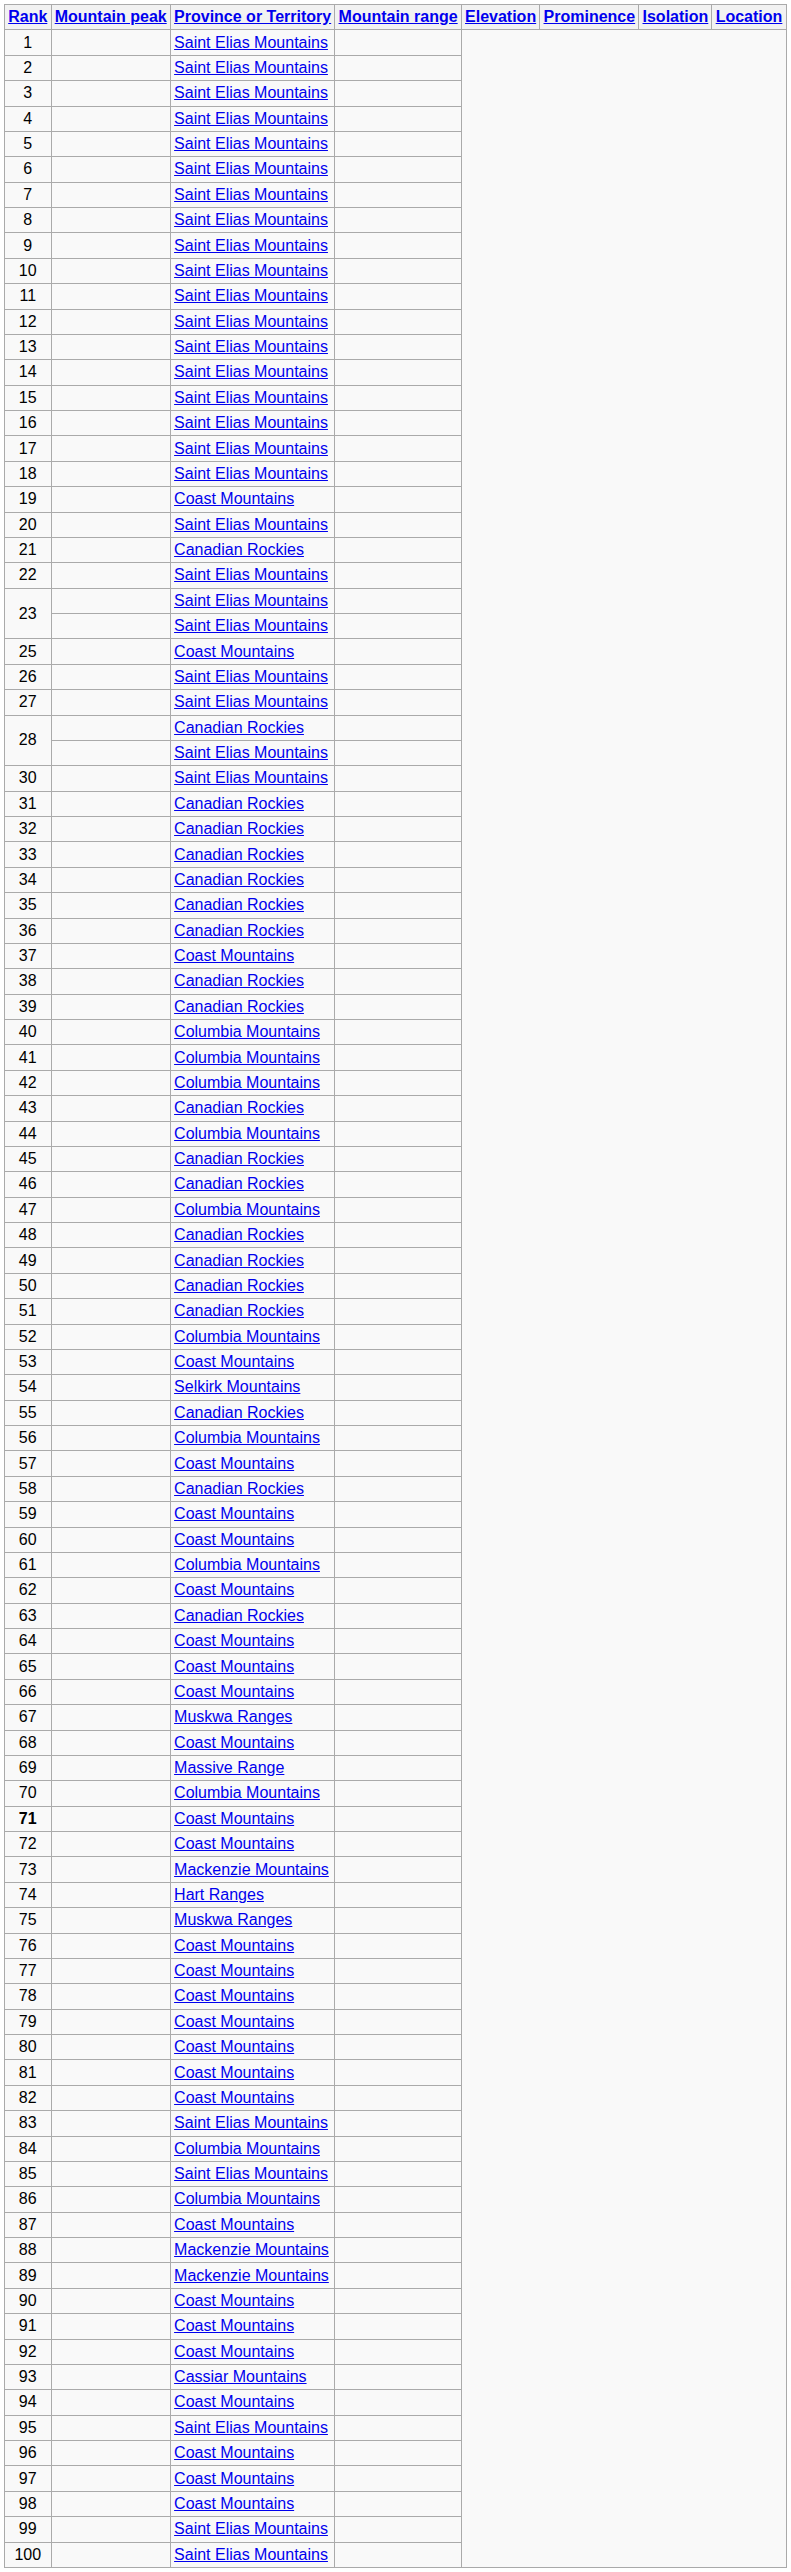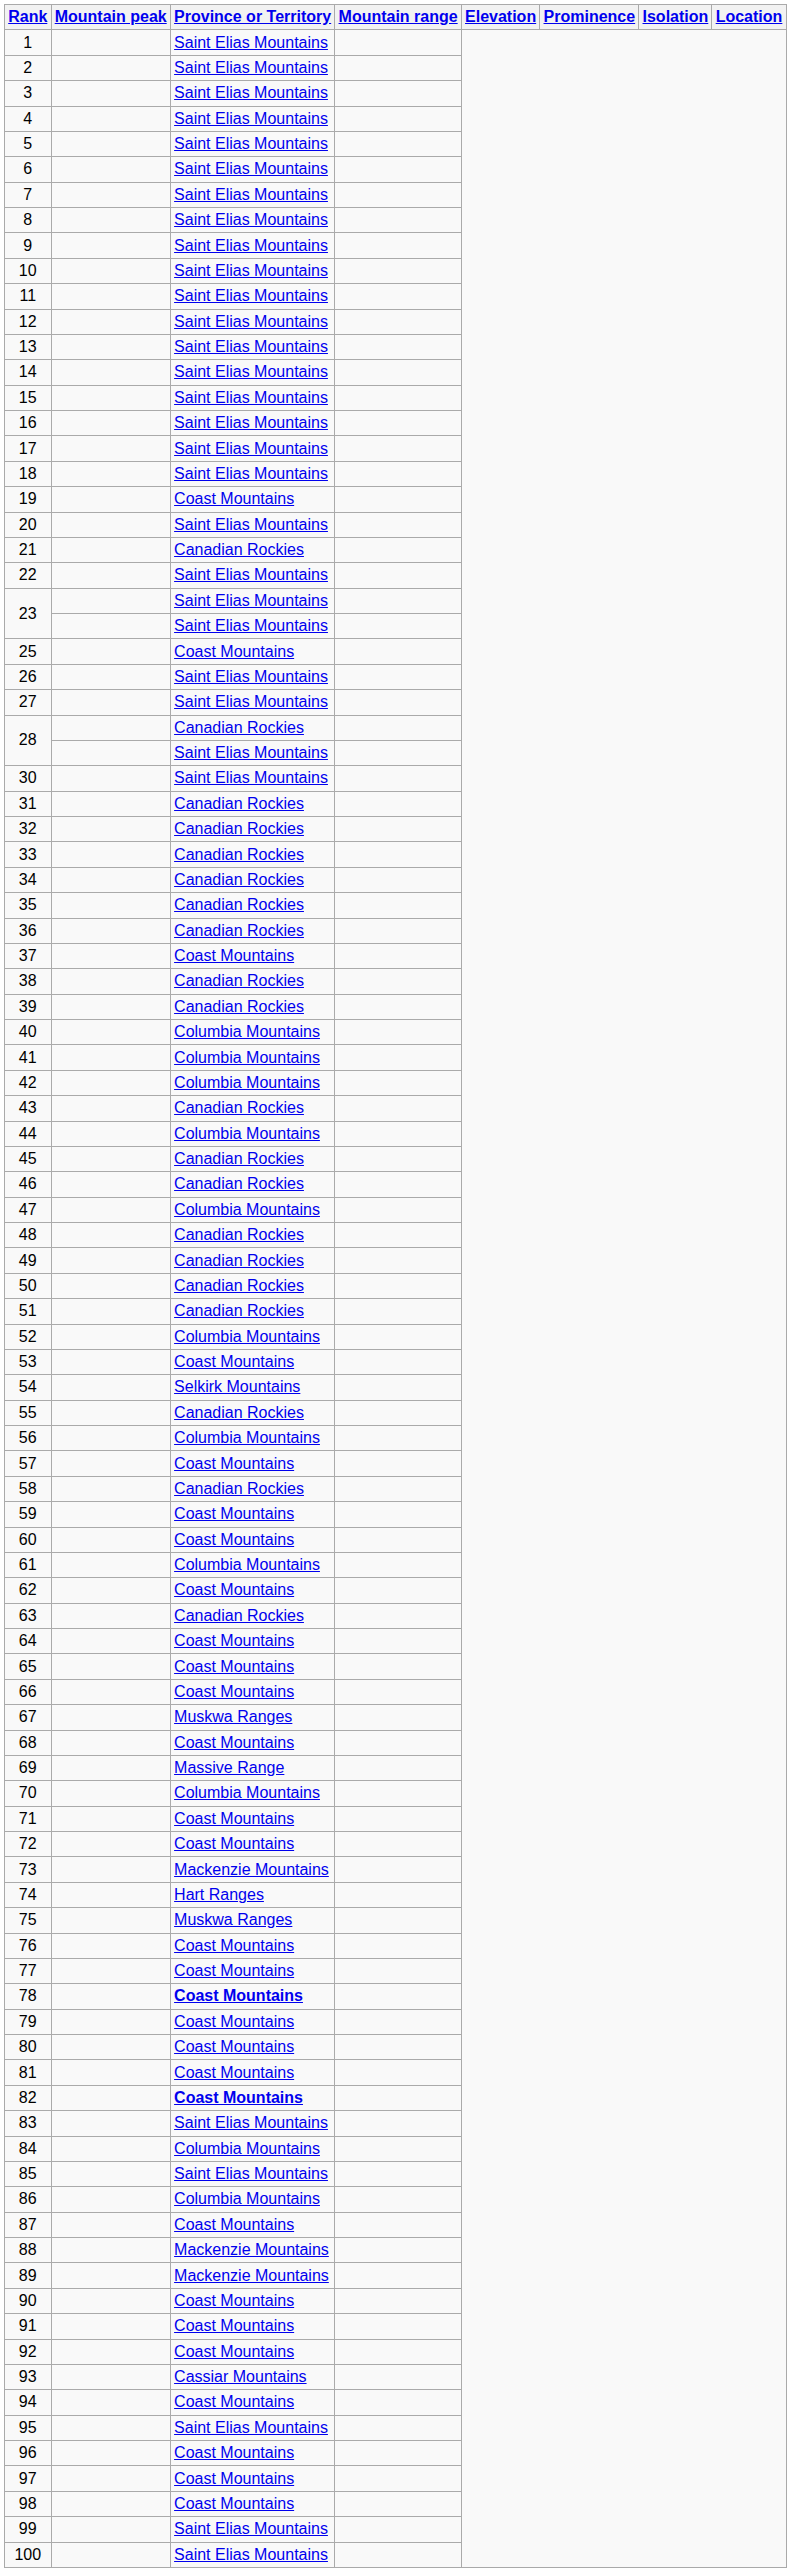 <table class="wikitable sortable">
 <tr>
 <th><a href='#'>Rank</a></th>
 <th><a href='#'>Mountain peak</a></th>
 <th><a href='#'>Province or Territory</a></th>
 <th><a href='#'>Mountain range</a></th>
 <th><a href='#'>Elevation</a></th>
 <th><a href='#'>Prominence</a></th>
 <th><a href='#'>Isolation</a></th>
 <th><a href='#'>Location</a></th>
 </tr>
 <tr>
 <td align=center>1<br></td>
 <td></td>
 <td><a href='#'>Saint Elias Mountains</a><br></td>
 <td></td>
 </tr>
 <tr>
 <td align=center>2<br></td>
 <td><br></td>
 <td><a href='#'>Saint Elias Mountains</a><br></td>
 <td></td>
 </tr>
 <tr>
 <td align=center>3<br></td>
 <td></td>
 <td><a href='#'>Saint Elias Mountains</a><br></td>
 <td></td>
 </tr>
 <tr>
 <td align=center>4<br></td>
 <td></td>
 <td><a href='#'>Saint Elias Mountains</a><br></td>
 <td></td>
 </tr>
 <tr>
 <td align=center>5<br></td>
 <td></td>
 <td><a href='#'>Saint Elias Mountains</a><br></td>
 <td></td>
 </tr>
 <tr>
 <td align=center>6<br></td>
 <td></td>
 <td><a href='#'>Saint Elias Mountains</a><br></td>
 <td></td>
 </tr>
 <tr>
 <td align=center>7<br></td>
 <td></td>
 <td><a href='#'>Saint Elias Mountains</a><br></td>
 <td></td>
 </tr>
 <tr>
 <td align=center>8<br></td>
 <td></td>
 <td><a href='#'>Saint Elias Mountains</a><br></td>
 <td></td>
 </tr>
 <tr>
 <td align=center>9<br></td>
 <td><br></td>
 <td><a href='#'>Saint Elias Mountains</a><br></td>
 <td></td>
 </tr>
 <tr>
 <td align=center>10<br></td>
 <td><br></td>
 <td><a href='#'>Saint Elias Mountains</a><br></td>
 <td></td>
 </tr>
 <tr>
 <td align=center>11<br></td>
 <td></td>
 <td><a href='#'>Saint Elias Mountains</a><br></td>
 <td></td>
 </tr>
 <tr>
 <td align=center>12<br></td>
 <td><br></td>
 <td><a href='#'>Saint Elias Mountains</a><br></td>
 <td></td>
 </tr>
 <tr>
 <td align=center>13<br></td>
 <td></td>
 <td><a href='#'>Saint Elias Mountains</a><br></td>
 <td></td>
 </tr>
 <tr>
 <td align=center>14<br></td>
 <td><br></td>
 <td><a href='#'>Saint Elias Mountains</a><br></td>
 <td></td>
 </tr>
 <tr>
 <td align=center>15<br></td>
 <td></td>
 <td><a href='#'>Saint Elias Mountains</a><br></td>
 <td></td>
 </tr>
 <tr>
 <td align=center>16<br></td>
 <td></td>
 <td><a href='#'>Saint Elias Mountains</a><br></td>
 <td></td>
 </tr>
 <tr>
 <td align=center>17<br></td>
 <td><br></td>
 <td><a href='#'>Saint Elias Mountains</a><br></td>
 <td></td>
 </tr>
 <tr>
 <td align=center>18<br></td>
 <td></td>
 <td><a href='#'>Saint Elias Mountains</a><br></td>
 <td></td>
 </tr>
 <tr>
 <td align=center>19<br></td>
 <td></td>
 <td><a href='#'>Coast Mountains</a><br></td>
 <td></td>
 </tr>
 <tr>
 <td align=center>20<br></td>
 <td></td>
 <td><a href='#'>Saint Elias Mountains</a><br></td>
 <td></td>
 </tr>
 <tr>
 <td align=center>21<br></td>
 <td></td>
 <td><a href='#'>Canadian Rockies</a><br></td>
 <td></td>
 </tr>
 <tr>
 <td align=center>22<br></td>
 <td></td>
 <td><a href='#'>Saint Elias Mountains</a><br></td>
 <td></td>
 </tr>
 <tr>
 <td align=center rowspan=2>23<br></td>
 <td></td>
 <td><a href='#'>Saint Elias Mountains</a><br></td>
 <td></td>
 </tr>
 <tr>
 <td><br></td>
 <td><a href='#'>Saint Elias Mountains</a><br></td>
 <td></td>
 </tr>
 <tr>
 <td align=center>25<br></td>
 <td></td>
 <td><a href='#'>Coast Mountains</a><br></td>
 <td></td>
 </tr>
 <tr>
 <td align=center>26<br></td>
 <td></td>
 <td><a href='#'>Saint Elias Mountains</a><br></td>
 <td></td>
 </tr>
 <tr>
 <td align=center>27<br></td>
 <td></td>
 <td><a href='#'>Saint Elias Mountains</a><br></td>
 <td></td>
 </tr>
 <tr>
 <td align=center rowspan=2>28<br></td>
 <td><br></td>
 <td><a href='#'>Canadian Rockies</a><br></td>
 <td></td>
 </tr>
 <tr>
 <td></td>
 <td><a href='#'>Saint Elias Mountains</a><br></td>
 <td></td>
 </tr>
 <tr>
 <td align=center>30<br></td>
 <td></td>
 <td><a href='#'>Saint Elias Mountains</a><br></td>
 <td></td>
 </tr>
 <tr>
 <td align=center>31<br></td>
 <td></td>
 <td><a href='#'>Canadian Rockies</a><br></td>
 <td></td>
 </tr>
 <tr>
 <td align=center>32<br></td>
 <td></td>
 <td><a href='#'>Canadian Rockies</a><br></td>
 <td></td>
 </tr>
 <tr>
 <td align=center>33<br></td>
 <td></td>
 <td><a href='#'>Canadian Rockies</a><br></td>
 <td></td>
 </tr>
 <tr>
 <td align=center>34<br></td>
 <td></td>
 <td><a href='#'>Canadian Rockies</a><br></td>
 <td></td>
 </tr>
 <tr>
 <td align=center>35<br></td>
 <td><br></td>
 <td><a href='#'>Canadian Rockies</a><br></td>
 <td></td>
 </tr>
 <tr>
 <td align=center>36<br></td>
 <td></td>
 <td><a href='#'>Canadian Rockies</a><br></td>
 <td></td>
 </tr>
 <tr>
 <td align=center>37<br></td>
 <td></td>
 <td><a href='#'>Coast Mountains</a><br></td>
 <td></td>
 </tr>
 <tr>
 <td align=center>38<br></td>
 <td></td>
 <td><a href='#'>Canadian Rockies</a><br></td>
 <td></td>
 </tr>
 <tr>
 <td align=center>39<br></td>
 <td></td>
 <td><a href='#'>Canadian Rockies</a><br></td>
 <td></td>
 </tr>
 <tr>
 <td align=center>40<br></td>
 <td></td>
 <td><a href='#'>Columbia Mountains</a><br></td>
 <td></td>
 </tr>
 <tr>
 <td align=center>41<br></td>
 <td></td>
 <td><a href='#'>Columbia Mountains</a><br></td>
 <td></td>
 </tr>
 <tr>
 <td align=center>42<br></td>
 <td></td>
 <td><a href='#'>Columbia Mountains</a><br></td>
 <td></td>
 </tr>
 <tr>
 <td align=center>43<br></td>
 <td><br></td>
 <td><a href='#'>Canadian Rockies</a><br></td>
 <td></td>
 </tr>
 <tr>
 <td align=center>44<br></td>
 <td></td>
 <td><a href='#'>Columbia Mountains</a><br></td>
 <td></td>
 </tr>
 <tr>
 <td align=center>45<br></td>
 <td></td>
 <td><a href='#'>Canadian Rockies</a><br></td>
 <td></td>
 </tr>
 <tr>
 <td align=center>46<br></td>
 <td></td>
 <td><a href='#'>Canadian Rockies</a><br></td>
 <td></td>
 </tr>
 <tr>
 <td align=center>47<br></td>
 <td></td>
 <td><a href='#'>Columbia Mountains</a><br></td>
 <td></td>
 </tr>
 <tr>
 <td align=center>48<br></td>
 <td></td>
 <td><a href='#'>Canadian Rockies</a><br></td>
 <td></td>
 </tr>
 <tr>
 <td align=center>49<br></td>
 <td></td>
 <td><a href='#'>Canadian Rockies</a><br></td>
 <td></td>
 </tr>
 <tr>
 <td align=center>50<br></td>
 <td></td>
 <td><a href='#'>Canadian Rockies</a><br></td>
 <td></td>
 </tr>
 <tr>
 <td align=center>51<br></td>
 <td></td>
 <td><a href='#'>Canadian Rockies</a><br></td>
 <td></td>
 </tr>
 <tr>
 <td align=center>52<br></td>
 <td></td>
 <td><a href='#'>Columbia Mountains</a><br></td>
 <td></td>
 </tr>
 <tr>
 <td align=center>53<br></td>
 <td></td>
 <td><a href='#'>Coast Mountains</a><br></td>
 <td></td>
 </tr>
 <tr>
 <td align=center>54<br></td>
 <td></td>
 <td><a href='#'>Selkirk Mountains</a><br></td>
 <td></td>
 </tr>
 <tr>
 <td align=center>55<br></td>
 <td></td>
 <td><a href='#'>Canadian Rockies</a><br></td>
 <td></td>
 </tr>
 <tr>
 <td align=center>56<br></td>
 <td></td>
 <td><a href='#'>Columbia Mountains</a><br></td>
 <td></td>
 </tr>
 <tr>
 <td align=center>57<br></td>
 <td></td>
 <td><a href='#'>Coast Mountains</a><br></td>
 <td></td>
 </tr>
 <tr>
 <td align=center>58<br></td>
 <td></td>
 <td><a href='#'>Canadian Rockies</a><br></td>
 <td></td>
 </tr>
 <tr>
 <td align=center>59<br></td>
 <td></td>
 <td><a href='#'>Coast Mountains</a><br></td>
 <td></td>
 </tr>
 <tr>
 <td align=center>60<br></td>
 <td></td>
 <td><a href='#'>Coast Mountains</a><br></td>
 <td></td>
 </tr>
 <tr>
 <td align=center>61<br></td>
 <td></td>
 <td><a href='#'>Columbia Mountains</a><br></td>
 <td></td>
 </tr>
 <tr>
 <td align=center>62<br></td>
 <td></td>
 <td><a href='#'>Coast Mountains</a><br></td>
 <td></td>
 </tr>
 <tr>
 <td align=center>63<br></td>
 <td></td>
 <td><a href='#'>Canadian Rockies</a><br></td>
 <td></td>
 </tr>
 <tr>
 <td align=center>64<br></td>
 <td></td>
 <td><a href='#'>Coast Mountains</a><br></td>
 <td></td>
 </tr>
 <tr>
 <td align=center>65<br></td>
 <td><br></td>
 <td><a href='#'>Coast Mountains</a><br></td>
 <td></td>
 </tr>
 <tr>
 <td align=center>66<br></td>
 <td></td>
 <td><a href='#'>Coast Mountains</a><br></td>
 <td></td>
 </tr>
 <tr>
 <td align=center>67<br></td>
 <td></td>
 <td><a href='#'>Muskwa Ranges</a><br></td>
 <td></td>
 </tr>
 <tr>
 <td align=center>68<br></td>
 <td></td>
 <td><a href='#'>Coast Mountains</a><br></td>
 <td></td>
 </tr>
 <tr>
 <td align=center>69<br></td>
 <td></td>
 <td><a href='#'>Massive Range</a><br></td>
 <td></td>
 </tr>
 <tr>
 <td align=center>70<br></td>
 <td></td>
 <td><a href='#'>Columbia Mountains</a><br></td>
 <td></td>
 </tr>
 <tr>
-<td align=center><strong>71<br></strong></td>
+<td align=center>71<br></td>
 <td></td>
 <td><a href='#'>Coast Mountains</a><br></td>
 <td></td>
 </tr>
 <tr>
 <td align=center>72<br></td>
 <td></td>
 <td><a href='#'>Coast Mountains</a><br></td>
 <td></td>
 </tr>
 <tr>
 <td align=center>73<br></td>
 <td></td>
 <td><a href='#'>Mackenzie Mountains</a><br></td>
 <td></td>
 </tr>
 <tr>
 <td align=center>74<br></td>
 <td></td>
 <td><a href='#'>Hart Ranges</a><br></td>
 <td></td>
 </tr>
 <tr>
 <td align=center>75<br></td>
 <td></td>
 <td><a href='#'>Muskwa Ranges</a><br></td>
 <td></td>
 </tr>
 <tr>
 <td align=center>76<br></td>
 <td></td>
 <td><a href='#'>Coast Mountains</a><br></td>
 <td></td>
 </tr>
 <tr>
 <td align=center>77<br></td>
 <td></td>
 <td><a href='#'>Coast Mountains</a><br></td>
 <td></td>
 </tr>
 <tr>
 <td align=center>78<br></td>
 <td></td>
-<td><a href='#'>Coast Mountains</a><br></td>
+<td><strong><a href='#'>Coast Mountains</a><br></strong></td>
 <td></td>
 </tr>
 <tr>
 <td align=center>79<br></td>
 <td></td>
 <td><a href='#'>Coast Mountains</a><br></td>
 <td></td>
 </tr>
 <tr>
 <td align=center>80<br></td>
 <td></td>
 <td><a href='#'>Coast Mountains</a><br></td>
 <td></td>
 </tr>
 <tr>
 <td align=center>81<br></td>
 <td></td>
 <td><a href='#'>Coast Mountains</a><br></td>
 <td></td>
 </tr>
 <tr>
 <td align=center>82<br></td>
 <td></td>
-<td><a href='#'>Coast Mountains</a><br></td>
+<td><strong><a href='#'>Coast Mountains</a><br></strong></td>
 <td></td>
 </tr>
 <tr>
 <td align=center>83<br></td>
 <td><br></td>
 <td><a href='#'>Saint Elias Mountains</a><br></td>
 <td></td>
 </tr>
 <tr>
 <td align=center>84<br></td>
 <td></td>
 <td><a href='#'>Columbia Mountains</a><br></td>
 <td></td>
 </tr>
 <tr>
 <td align=center>85<br></td>
 <td></td>
 <td><a href='#'>Saint Elias Mountains</a><br></td>
 <td></td>
 </tr>
 <tr>
 <td align=center>86<br></td>
 <td></td>
 <td><a href='#'>Columbia Mountains</a><br></td>
 <td></td>
 </tr>
 <tr>
 <td align=center>87<br></td>
 <td></td>
 <td><a href='#'>Coast Mountains</a><br></td>
 <td></td>
 </tr>
 <tr>
 <td align=center>88<br></td>
 <td></td>
 <td><a href='#'>Mackenzie Mountains</a><br></td>
 <td></td>
 </tr>
 <tr>
 <td align=center>89<br></td>
 <td></td>
 <td><a href='#'>Mackenzie Mountains</a><br></td>
 <td></td>
 </tr>
 <tr>
 <td align=center>90<br></td>
 <td></td>
 <td><a href='#'>Coast Mountains</a><br></td>
 <td></td>
 </tr>
 <tr>
 <td align=center>91<br></td>
 <td></td>
 <td><a href='#'>Coast Mountains</a><br></td>
 <td></td>
 </tr>
 <tr>
 <td align=center>92<br></td>
 <td></td>
 <td><a href='#'>Coast Mountains</a><br></td>
 <td></td>
 </tr>
 <tr>
 <td align=center>93<br></td>
 <td></td>
 <td><a href='#'>Cassiar Mountains</a><br></td>
 <td></td>
 </tr>
 <tr>
 <td align=center>94<br></td>
 <td></td>
 <td><a href='#'>Coast Mountains</a><br></td>
 <td></td>
 </tr>
 <tr>
 <td align=center>95<br></td>
 <td></td>
 <td><a href='#'>Saint Elias Mountains</a><br></td>
 <td></td>
 </tr>
 <tr>
 <td align=center>96<br></td>
 <td></td>
 <td><a href='#'>Coast Mountains</a><br></td>
 <td></td>
 </tr>
 <tr>
 <td align=center>97<br></td>
 <td></td>
 <td><a href='#'>Coast Mountains</a><br></td>
 <td></td>
 </tr>
 <tr>
 <td align=center>98<br></td>
 <td></td>
 <td><a href='#'>Coast Mountains</a><br></td>
 <td></td>
 </tr>
 <tr>
 <td align=center>99<br></td>
 <td><br></td>
 <td><a href='#'>Saint Elias Mountains</a><br></td>
 <td></td>
 </tr>
 <tr>
 <td align=center>100<br></td>
 <td></td>
 <td><a href='#'>Saint Elias Mountains</a><br></td>
 <td></td>
 </tr>
 </table>
